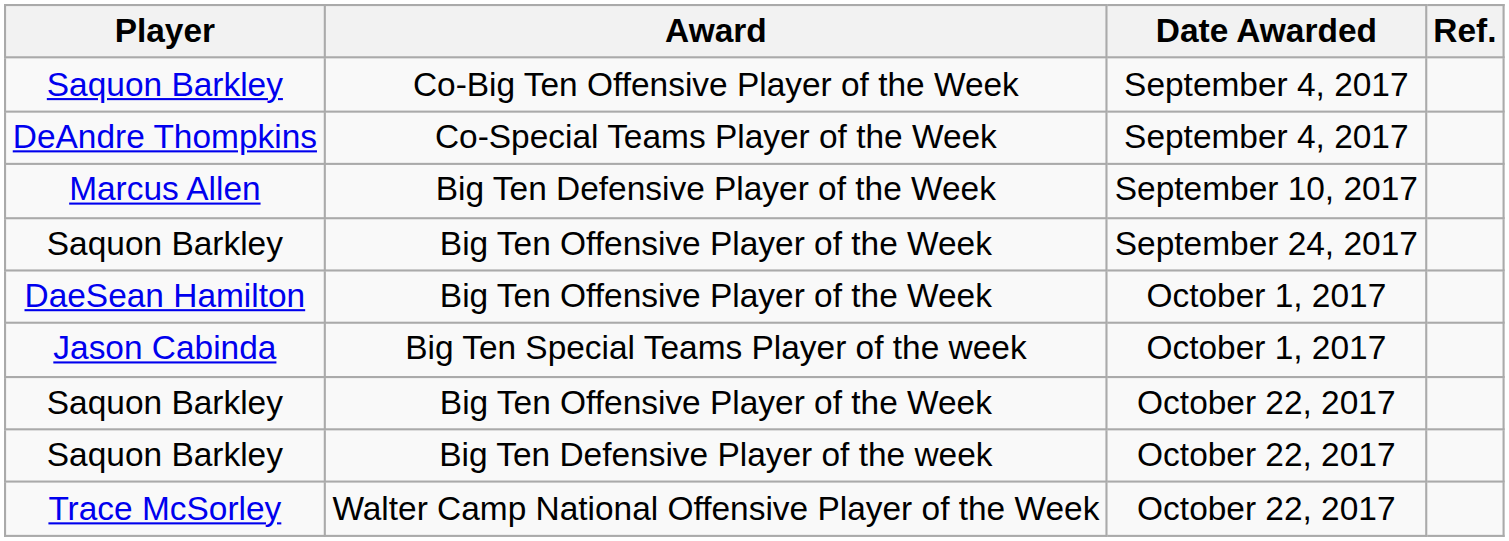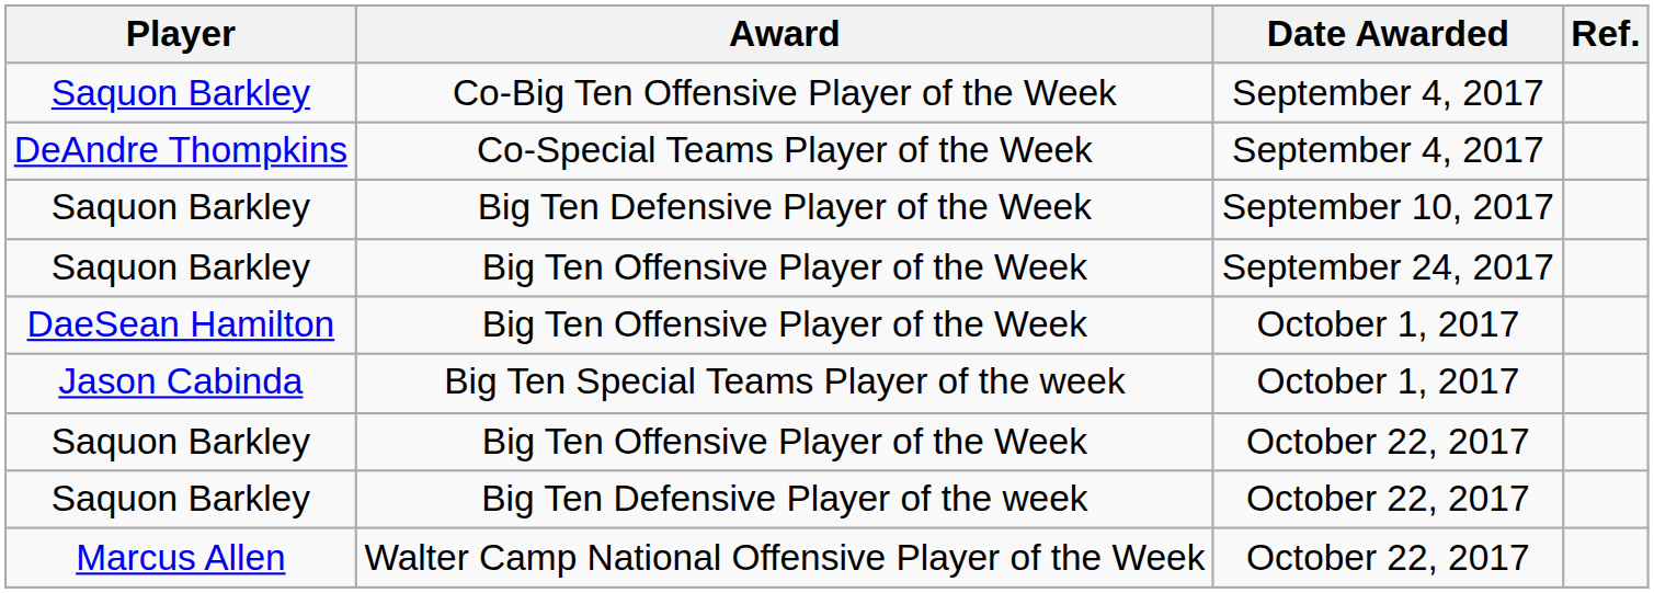 <table class="wikitable sortable sortable" style="text-align: center">
 <tr align=center>
 <th>Player</th>
 <th>Award</th>
 <th>Date Awarded</th>
 <th>Ref.</th>
 </tr>
 <tr>
 <td><a href='#'>Saquon Barkley</a></td>
 <td>Co-Big Ten Offensive Player of the Week</td>
 <td>September 4, 2017</td>
 <td></td>
 </tr>
 <tr>
 <td><a href='#'>DeAndre Thompkins</a></td>
 <td>Co-Special Teams Player of the Week</td>
 <td>September 4, 2017</td>
 <td></td>
 </tr>
 <tr>
-<td><a href='#'>Marcus Allen</a></td>
+<td>Saquon Barkley</td>
 <td>Big Ten Defensive Player of the Week</td>
 <td>September 10, 2017</td>
 <td></td>
 </tr>
 <tr>
 <td>Saquon Barkley</td>
 <td>Big Ten Offensive Player of the Week</td>
 <td>September 24, 2017</td>
 <td></td>
 </tr>
 <tr>
 <td><a href='#'>DaeSean Hamilton</a></td>
 <td>Big Ten Offensive Player of the Week</td>
 <td>October 1, 2017</td>
 <td></td>
 </tr>
 <tr>
 <td><a href='#'>Jason Cabinda</a></td>
 <td>Big Ten Special Teams Player of the week</td>
 <td>October 1, 2017</td>
 <td></td>
 </tr>
 <tr>
 <td>Saquon Barkley</td>
 <td>Big Ten Offensive Player of the Week</td>
 <td>October 22, 2017</td>
 <td></td>
 </tr>
 <tr>
 <td>Saquon Barkley</td>
 <td>Big Ten Defensive Player of the week</td>
 <td>October 22, 2017</td>
 <td></td>
 </tr>
 <tr>
-<td><a href='#'>Trace McSorley</a></td>
+<td><a href='#'>Marcus Allen</a></td>
 <td>Walter Camp National Offensive Player of the Week</td>
 <td>October 22, 2017</td>
 <td></td>
 </tr>
 </table>
